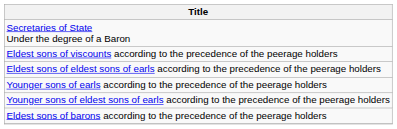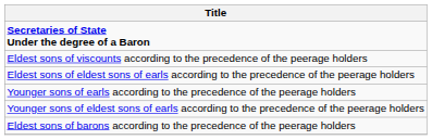 <table class="wikitable">
 <tr>
 <th>Title</th>
 </tr>
 <tr>
-<td><a href='#'>Secretaries of State</a><br>Under the degree of a Baron</td>
+<td><strong><a href='#'>Secretaries of State</a><br>Under the degree of a Baron</strong></td>
 </tr>
 <tr>
 <td><a href='#'>Eldest sons of viscounts</a> according to the precedence of the peerage holders</td>
 </tr>
 <tr>
 <td><a href='#'>Eldest sons of eldest sons of earls</a> according to the precedence of the peerage holders</td>
 </tr>
 <tr>
 <td><a href='#'>Younger sons of earls</a> according to the precedence of the peerage holders</td>
 </tr>
 <tr>
 <td><a href='#'>Younger sons of eldest sons of earls</a> according to the precedence of the peerage holders</td>
 </tr>
 <tr>
 <td><a href='#'>Eldest sons of barons</a> according to the precedence of the peerage holders</td>
 </tr>
 <tr>
 </tr>
 </table>
